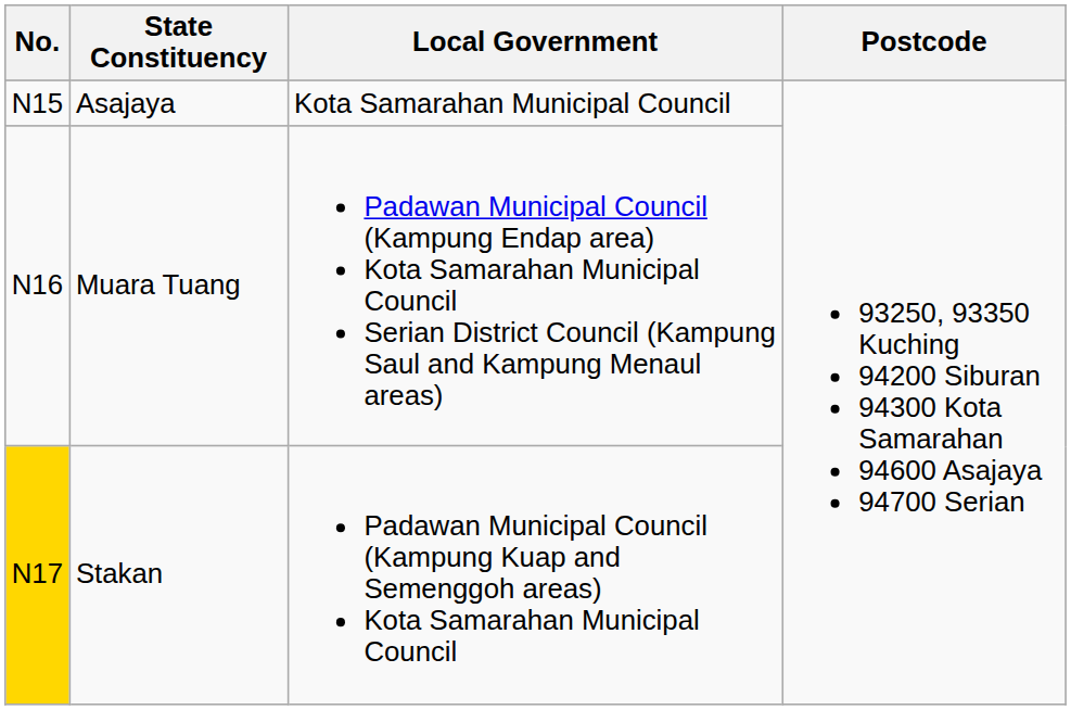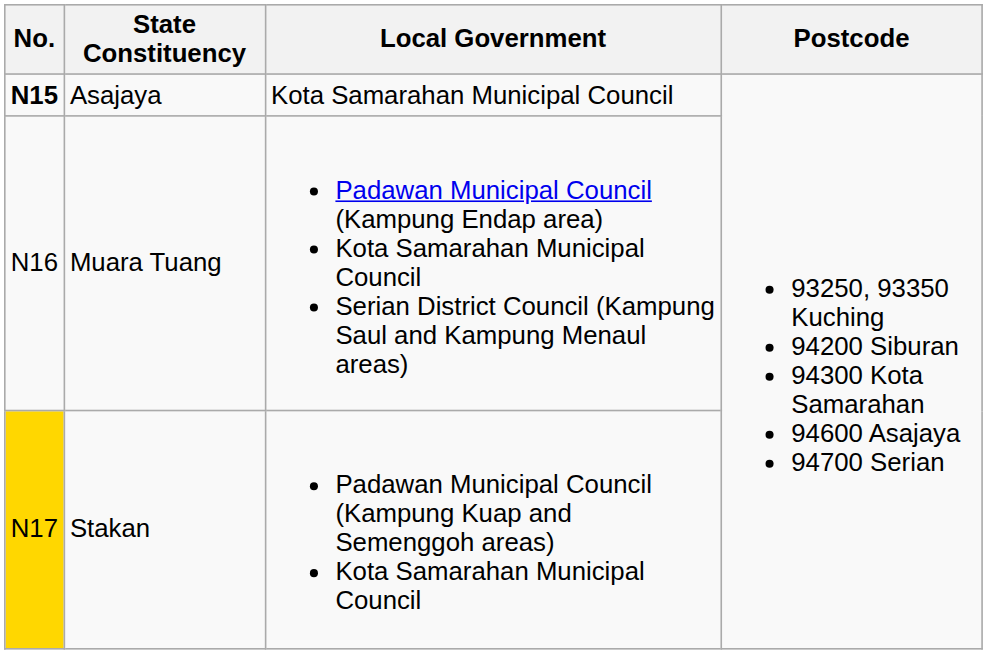 <table class="wikitable">
 <tr>
 <th>No.</th>
 <th>State Constituency</th>
 <th>Local Government</th>
 <th>Postcode</th>
 </tr>
 <tr>
-<td>N15</td>
+<td><strong>N15</strong></td>
 <td>Asajaya</td>
 <td>Kota Samarahan Municipal Council</td>
 <td rowspan="3"><br><ul><li>93250, 93350 Kuching</li><li>94200 Siburan</li><li>94300 Kota Samarahan</li><li>94600 Asajaya</li><li>94700 Serian</li></ul></td>
 </tr>
 <tr>
 <td>N16</td>
 <td>Muara Tuang</td>
 <td><br><ul><li><a href='#'>Padawan Municipal Council</a> (Kampung Endap area)</li><li>Kota Samarahan Municipal Council</li><li>Serian District Council (Kampung Saul and Kampung Menaul areas)</li></ul></td>
 </tr>
 <tr>
 <td style="background: gold;">N17</td>
 <td>Stakan</td>
 <td><br><ul><li>Padawan Municipal Council (Kampung Kuap and Semenggoh areas)</li><li>Kota Samarahan Municipal Council</li></ul></td>
 </tr>
 </table>
